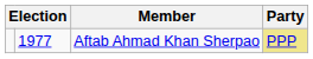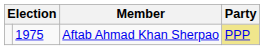 <table class="wikitable">
 <tr>
 <th colspan="2">Election</th>
 <th>Member</th>
 <th>Party</th>
 </tr>
 <tr>
 <td style="background-color: "></td>
-<td><a href='#'>1977</a></td>
+<td><a href='#'>1975</a></td>
 <td><a href='#'>Aftab Ahmad Khan Sherpao</a></td>
 <td style="background: khaki;"><a href='#'>PPP</a></td>
 </tr>
 </table>
